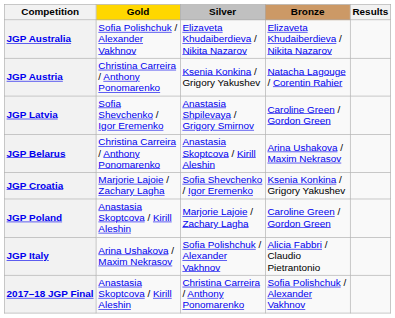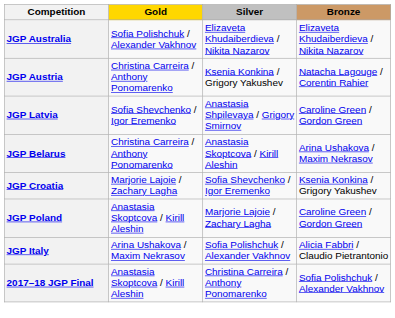 <table class="wikitable unsortable" style="text-align:left; width:100%">
 <tr>
 <th scope="col" style="text-align:center; width:25%;">Competition</th>
 <td scope="col" style="text-align:center; width:22.5%; background:gold"><strong>Gold</strong></td>
 <td scope="col" style="text-align:center; width:22.5%; background:silver"><strong>Silver</strong></td>
 <td scope="col" style="text-align:center; width:22.5%; background:#c96"><strong>Bronze</strong></td>
-<th scope="col" style="text-align:center; width:7.5%;">Results</th>
 </tr>
 <tr>
 <th scope="row" style="text-align:left"> <a href='#'>JGP Australia</a></th>
 <td> <a href='#'>Sofia Polishchuk</a> / <a href='#'>Alexander Vakhnov</a></td>
 <td> <a href='#'>Elizaveta Khudaiberdieva</a> / <a href='#'>Nikita Nazarov</a></td>
 <td> <a href='#'>Elizaveta Khudaiberdieva</a> / <a href='#'>Nikita Nazarov</a></td>
-<td></td>
 </tr>
 <tr>
 <th scope="row" style="text-align:left"> <a href='#'>JGP Austria</a></th>
 <td> <a href='#'>Christina Carreira</a> / <a href='#'>Anthony Ponomarenko</a></td>
 <td> <a href='#'>Ksenia Konkina</a> / Grigory Yakushev</td>
 <td> <a href='#'>Natacha Lagouge</a> / <a href='#'>Corentin Rahier</a></td>
-<td></td>
 </tr>
 <tr>
 <th scope="row" style="text-align:left"> <a href='#'>JGP Latvia</a></th>
 <td> <a href='#'>Sofia Shevchenko</a> / <a href='#'>Igor Eremenko</a></td>
 <td> <a href='#'>Anastasia Shpilevaya</a> / <a href='#'>Grigory Smirnov</a></td>
 <td> <a href='#'>Caroline Green</a> / <a href='#'>Gordon Green</a></td>
-<td></td>
 </tr>
 <tr>
 <th scope="row" style="text-align:left"> <a href='#'>JGP Belarus</a></th>
 <td> <a href='#'>Christina Carreira</a> / <a href='#'>Anthony Ponomarenko</a></td>
 <td> <a href='#'>Anastasia Skoptcova</a> / <a href='#'>Kirill Aleshin</a></td>
 <td> <a href='#'>Arina Ushakova</a> / <a href='#'>Maxim Nekrasov</a></td>
-<td></td>
 </tr>
 <tr>
 <th scope="row" style="text-align:left"> <a href='#'>JGP Croatia</a></th>
 <td> <a href='#'>Marjorie Lajoie</a> / <a href='#'>Zachary Lagha</a></td>
 <td> <a href='#'>Sofia Shevchenko</a> / <a href='#'>Igor Eremenko</a></td>
 <td> <a href='#'>Ksenia Konkina</a> / Grigory Yakushev</td>
-<td></td>
 </tr>
 <tr>
 <th scope="row" style="text-align:left"> <a href='#'>JGP Poland</a></th>
 <td> <a href='#'>Anastasia Skoptcova</a> / <a href='#'>Kirill Aleshin</a></td>
 <td> <a href='#'>Marjorie Lajoie</a> / <a href='#'>Zachary Lagha</a></td>
 <td> <a href='#'>Caroline Green</a> / <a href='#'>Gordon Green</a></td>
-<td></td>
 </tr>
 <tr>
 <th scope="row" style="text-align:left"> <a href='#'>JGP Italy</a></th>
 <td> <a href='#'>Arina Ushakova</a> / <a href='#'>Maxim Nekrasov</a></td>
 <td> <a href='#'>Sofia Polishchuk</a> / <a href='#'>Alexander Vakhnov</a></td>
 <td> <a href='#'>Alicia Fabbri</a> / Claudio Pietrantonio</td>
-<td></td>
 </tr>
 <tr>
 <th scope="row" style="text-align:left"> <a href='#'>2017–18 JGP Final</a></th>
 <td> <a href='#'>Anastasia Skoptcova</a> / <a href='#'>Kirill Aleshin</a></td>
 <td> <a href='#'>Christina Carreira</a> / <a href='#'>Anthony Ponomarenko</a></td>
 <td> <a href='#'>Sofia Polishchuk</a> / <a href='#'>Alexander Vakhnov</a></td>
-<td></td>
 </tr>
 </table>
